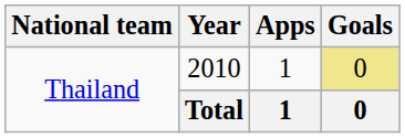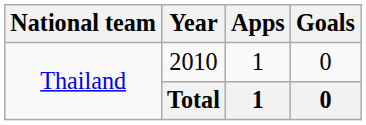 <table class="wikitable" style="text-align:center">
 <tr>
 <th>National team</th>
 <th>Year</th>
 <th>Apps</th>
 <th>Goals</th>
 </tr>
 <tr>
 <td rowspan="2" valign="center"><a href='#'>Thailand</a></td>
 <td>2010</td>
 <td>1</td>
-<td style="background: khaki;">0</td>
+<td>0</td>
 </tr>
 <tr>
 <th>Total</th>
 <th>1</th>
 <th>0</th>
 </tr>
 </table>
